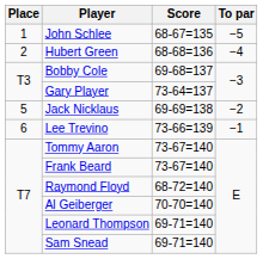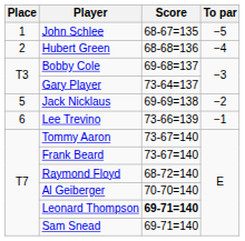 <table class=wikitable>
 <tr>
 <th>Place</th>
 <th>Player</th>
 <th>Score</th>
 <th>To par</th>
 </tr>
 <tr>
 <td align=center>1</td>
 <td> <a href='#'>John Schlee</a></td>
 <td>68-67=135</td>
 <td align=center>−5</td>
 </tr>
 <tr>
 <td align=center>2</td>
 <td> <a href='#'>Hubert Green</a></td>
 <td>68-68=136</td>
 <td align=center>−4</td>
 </tr>
 <tr>
 <td rowspan=2 align=center>T3</td>
 <td> <a href='#'>Bobby Cole</a></td>
 <td>69-68=137</td>
 <td rowspan=2 align=center>−3</td>
 </tr>
 <tr>
 <td> <a href='#'>Gary Player</a></td>
 <td>73-64=137</td>
 </tr>
 <tr>
 <td align=center>5</td>
 <td> <a href='#'>Jack Nicklaus</a></td>
 <td>69-69=138</td>
 <td align=center>−2</td>
 </tr>
 <tr>
 <td align=center>6</td>
 <td> <a href='#'>Lee Trevino</a></td>
 <td>73-66=139</td>
 <td align=center>−1</td>
 </tr>
 <tr>
 <td rowspan=6 align=center>T7</td>
 <td> <a href='#'>Tommy Aaron</a></td>
 <td>73-67=140</td>
 <td rowspan=6 align=center>E</td>
 </tr>
 <tr>
 <td> <a href='#'>Frank Beard</a></td>
 <td>73-67=140</td>
 </tr>
 <tr>
 <td> <a href='#'>Raymond Floyd</a></td>
 <td>68-72=140</td>
 </tr>
 <tr>
 <td> <a href='#'>Al Geiberger</a></td>
 <td>70-70=140</td>
 </tr>
 <tr>
 <td> <a href='#'>Leonard Thompson</a></td>
-<td>69-71=140</td>
+<td><strong>69-71=140</strong></td>
 </tr>
 <tr>
 <td> <a href='#'>Sam Snead</a></td>
 <td>69-71=140</td>
 </tr>
 </table>
